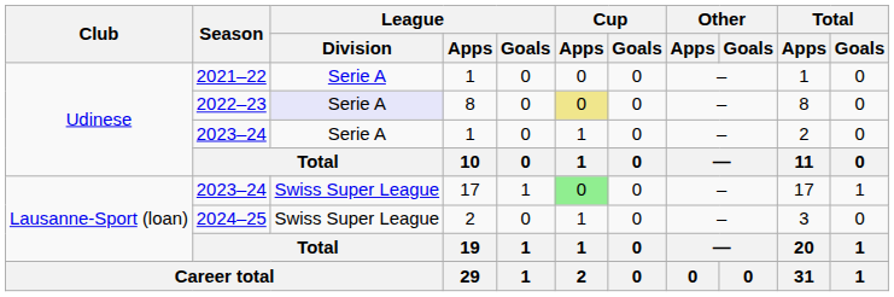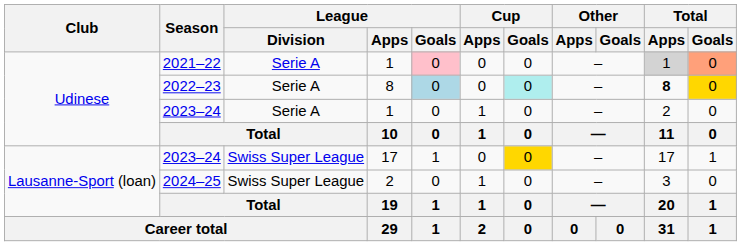 <table class="wikitable" style="text-align:center">
 <tr>
 <th rowspan="2">Club</th>
 <th rowspan="2">Season</th>
 <th colspan="3">League</th>
 <th colspan="2">Cup</th>
 <th colspan="2">Other</th>
 <th colspan="2">Total</th>
 </tr>
 <tr>
 <th>Division</th>
 <th>Apps</th>
 <th>Goals</th>
 <th>Apps</th>
 <th>Goals</th>
 <th>Apps</th>
 <th>Goals</th>
 <th>Apps</th>
 <th>Goals</th>
 </tr>
 <tr>
 <td rowspan="4"><a href='#'>Udinese</a></td>
 <td><a href='#'>2021–22</a></td>
 <td><a href='#'>Serie A</a></td>
 <td>1</td>
-<td>0</td>
+<td style="background: pink;">0</td>
 <td>0</td>
 <td>0</td>
 <td colspan="2">–</td>
-<td>1</td>
-<td>0</td>
+<td style="background: lightgrey;">1</td>
+<td style="background: lightsalmon;">0</td>
 </tr>
 <tr>
 <td><a href='#'>2022–23</a></td>
-<td style="background: lavender;">Serie A</td>
+<td>Serie A</td>
 <td>8</td>
+<td style="background: lightblue;">0</td>
 <td>0</td>
-<td style="background: khaki;">0</td>
-<td>0</td>
+<td style="background: paleturquoise;">0</td>
 <td colspan="2">–</td>
-<td>8</td>
-<td>0</td>
+<td><strong>8</strong></td>
+<td style="background: gold;">0</td>
 </tr>
 <tr>
 <td><a href='#'>2023–24</a></td>
 <td>Serie A</td>
 <td>1</td>
 <td>0</td>
 <td>1</td>
 <td>0</td>
 <td colspan="2">–</td>
 <td>2</td>
 <td>0</td>
 </tr>
 <tr>
 <th colspan="2">Total</th>
 <th>10</th>
 <th>0</th>
 <th>1</th>
 <th>0</th>
 <th colspan="2">—</th>
 <th>11</th>
 <th>0</th>
 </tr>
 <tr>
 <td rowspan="3"><a href='#'>Lausanne-Sport</a> (loan)</td>
 <td><a href='#'>2023–24</a></td>
 <td><a href='#'>Swiss Super League</a></td>
 <td>17</td>
 <td>1</td>
-<td style="background: lightgreen;">0</td>
 <td>0</td>
+<td style="background: gold;">0</td>
 <td colspan="2">–</td>
 <td>17</td>
 <td>1</td>
 </tr>
 <tr>
 <td><a href='#'>2024–25</a></td>
 <td>Swiss Super League</td>
 <td>2</td>
 <td>0</td>
 <td>1</td>
 <td>0</td>
 <td colspan="2">–</td>
 <td>3</td>
 <td>0</td>
 </tr>
 <tr>
 <th colspan="2">Total</th>
 <th>19</th>
 <th>1</th>
 <th>1</th>
 <th>0</th>
 <th colspan="2">—</th>
 <th>20</th>
 <th>1</th>
 </tr>
 <tr>
 <th colspan="3">Career total</th>
 <th>29</th>
 <th>1</th>
 <th>2</th>
 <th>0</th>
 <th>0</th>
 <th>0</th>
 <th>31</th>
 <th>1</th>
 </tr>
 </table>
